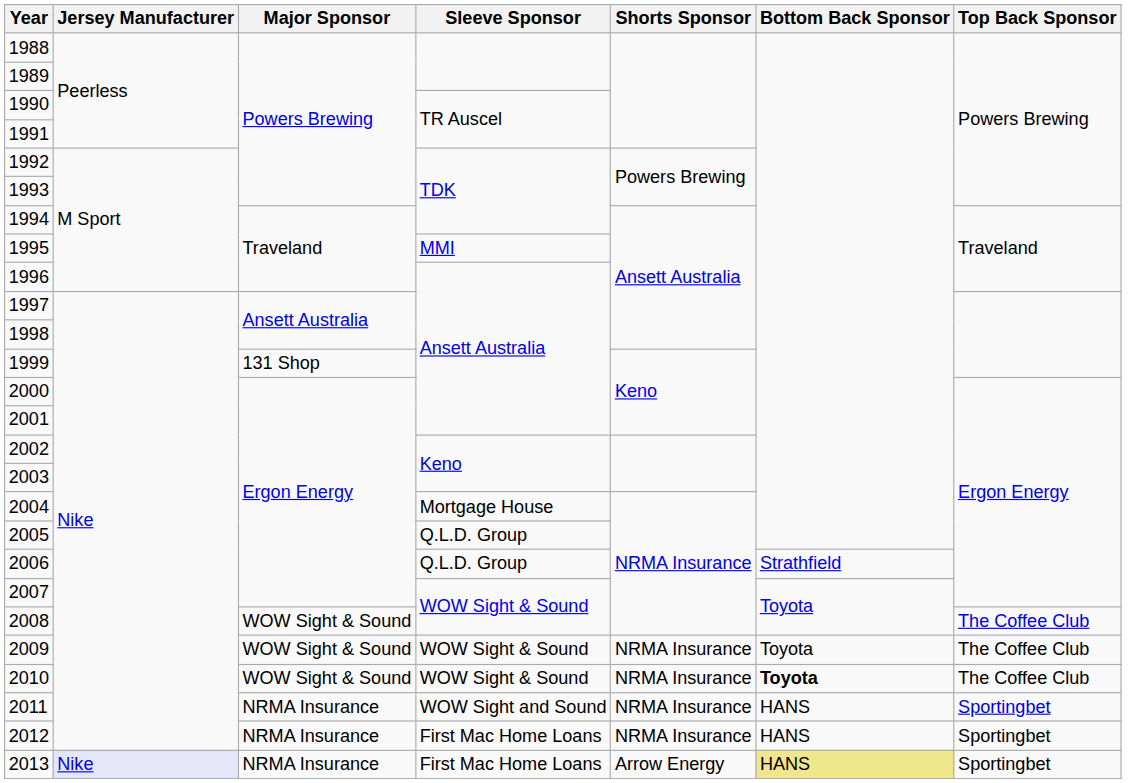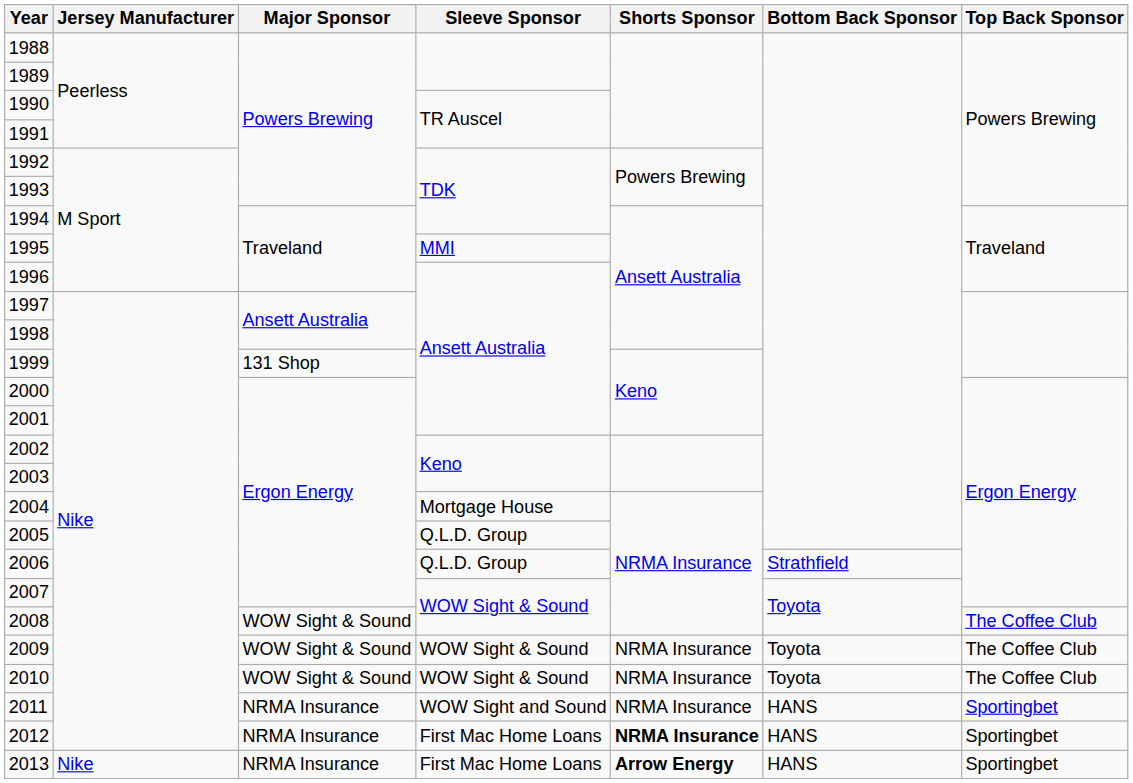 <table class="wikitable">
 <tr>
 <th>Year</th>
 <th>Jersey Manufacturer</th>
 <th>Major Sponsor</th>
 <th>Sleeve Sponsor</th>
 <th>Shorts Sponsor</th>
 <th>Bottom Back Sponsor</th>
 <th>Top Back Sponsor</th>
 </tr>
 <tr>
 <td>1988</td>
 <td rowspan="4">Peerless</td>
 <td rowspan="6"><a href='#'>Powers Brewing</a></td>
 <td rowspan="2"></td>
 <td rowspan="4"></td>
 <td rowspan="19"></td>
 <td rowspan="6">Powers Brewing</td>
 </tr>
 <tr>
 <td>1989</td>
 </tr>
 <tr>
 <td>1990</td>
 <td rowspan="2">TR Auscel</td>
 </tr>
 <tr>
 <td>1991</td>
 </tr>
 <tr>
 <td>1992</td>
 <td rowspan="5">M Sport</td>
 <td rowspan="3"><a href='#'>TDK</a></td>
 <td rowspan="2">Powers Brewing</td>
 </tr>
 <tr>
 <td>1993</td>
 </tr>
 <tr>
 <td>1994</td>
 <td rowspan="3">Traveland</td>
 <td rowspan="5"><a href='#'>Ansett Australia</a></td>
 <td rowspan="3">Traveland</td>
 </tr>
 <tr>
 <td>1995</td>
 <td><a href='#'>MMI</a></td>
 </tr>
 <tr>
 <td>1996</td>
 <td rowspan="7"><a href='#'>Ansett Australia</a></td>
 </tr>
 <tr>
 <td>1997</td>
 <td rowspan="17"><a href='#'>Nike</a></td>
 <td rowspan="2"><a href='#'>Ansett Australia</a></td>
 <td rowspan="4"></td>
 </tr>
 <tr>
 <td>1998</td>
 </tr>
 <tr>
 <td>1999</td>
 <td rowspan="2">131 Shop</td>
 <td rowspan="4"><a href='#'>Keno</a></td>
 </tr>
 <tr>
 <td rowspan="2">2000</td>
 </tr>
 <tr>
 <td rowspan="8"><a href='#'>Ergon Energy</a></td>
 <td rowspan="8"><a href='#'>Ergon Energy</a></td>
 </tr>
 <tr>
 <td>2001</td>
 </tr>
 <tr>
 <td>2002</td>
 <td rowspan="2"><a href='#'>Keno</a></td>
 <td rowspan="2"></td>
 </tr>
 <tr>
 <td>2003</td>
 </tr>
 <tr>
 <td>2004</td>
 <td>Mortgage House</td>
 <td rowspan="5"><a href='#'>NRMA Insurance</a></td>
 </tr>
 <tr>
 <td>2005</td>
 <td>Q.L.D. Group</td>
 </tr>
 <tr>
 <td>2006</td>
 <td>Q.L.D. Group</td>
 <td><a href='#'>Strathfield</a></td>
 </tr>
 <tr>
 <td>2007</td>
 <td rowspan="2"><a href='#'>WOW Sight & Sound</a></td>
 <td rowspan="2"><a href='#'>Toyota</a></td>
 </tr>
 <tr>
 <td>2008</td>
 <td>WOW Sight & Sound</td>
 <td><a href='#'>The Coffee Club</a></td>
 </tr>
 <tr>
 <td>2009</td>
 <td>WOW Sight & Sound</td>
 <td>WOW Sight & Sound</td>
 <td>NRMA Insurance</td>
 <td>Toyota</td>
 <td>The Coffee Club</td>
 </tr>
 <tr>
 <td>2010</td>
 <td>WOW Sight & Sound</td>
 <td>WOW Sight & Sound</td>
 <td>NRMA Insurance</td>
-<td><strong>Toyota</strong></td>
+<td>Toyota</td>
 <td>The Coffee Club</td>
 </tr>
 <tr>
 <td>2011</td>
 <td>NRMA Insurance</td>
 <td>WOW Sight and Sound</td>
 <td>NRMA Insurance</td>
 <td>HANS</td>
 <td><a href='#'>Sportingbet</a></td>
 </tr>
 <tr>
 <td>2012</td>
 <td>NRMA Insurance</td>
 <td>First Mac Home Loans</td>
-<td>NRMA Insurance</td>
+<td><strong>NRMA Insurance</strong></td>
 <td>HANS</td>
 <td>Sportingbet</td>
 </tr>
 <tr>
 <td>2013</td>
-<td style="background: lavender;"><a href='#'>Nike</a></td>
+<td><a href='#'>Nike</a></td>
 <td>NRMA Insurance</td>
 <td>First Mac Home Loans</td>
-<td>Arrow Energy</td>
-<td style="background: khaki;">HANS</td>
+<td><strong>Arrow Energy</strong></td>
+<td>HANS</td>
 <td>Sportingbet</td>
 </tr>
 </table>
